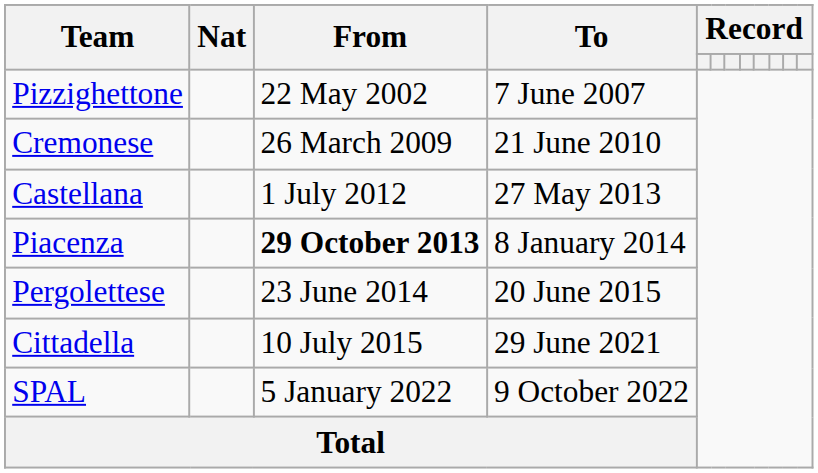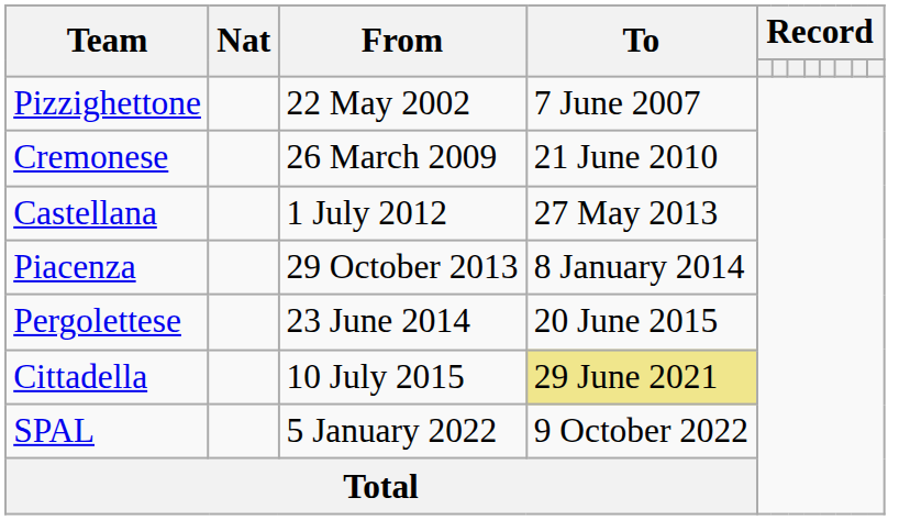 <table class="wikitable" style="text-align: center">
 <tr>
 <th rowspan=2>Team</th>
 <th rowspan=2>Nat</th>
 <th rowspan=2>From</th>
 <th rowspan=2>To</th>
 <th colspan=8>Record</th>
 </tr>
 <tr>
 <th></th>
 <th></th>
 <th></th>
 <th></th>
 <th></th>
 <th></th>
 <th></th>
 <th></th>
 </tr>
 <tr>
 <td align="left"><a href='#'>Pizzighettone</a></td>
 <td></td>
 <td align="left">22 May 2002</td>
 <td align="left">7 June 2007<br></td>
 </tr>
 <tr>
 <td align="left"><a href='#'>Cremonese</a></td>
 <td></td>
 <td align="left">26 March 2009</td>
 <td align="left">21 June 2010<br></td>
 </tr>
 <tr>
 <td align="left"><a href='#'>Castellana</a></td>
 <td></td>
 <td align="left">1 July 2012</td>
 <td align="left">27 May 2013<br></td>
 </tr>
 <tr>
 <td align="left"><a href='#'>Piacenza</a></td>
 <td></td>
-<td align="left"><strong>29 October 2013</strong></td>
+<td align="left">29 October 2013</td>
 <td align="left">8 January 2014<br></td>
 </tr>
 <tr>
 <td align="left"><a href='#'>Pergolettese</a></td>
 <td></td>
 <td align="left">23 June 2014</td>
 <td align="left">20 June 2015<br></td>
 </tr>
 <tr>
 <td align="left"><a href='#'>Cittadella</a></td>
 <td></td>
 <td align="left">10 July 2015</td>
-<td align="left">29 June 2021<br></td>
+<td align="left" style="background: khaki;">29 June 2021<br></td>
 </tr>
 <tr>
 <td align="left"><a href='#'>SPAL</a></td>
 <td></td>
 <td align="left">5 January 2022</td>
 <td align="left">9 October 2022<br></td>
 </tr>
 <tr>
 <th colspan=4>Total<br></th>
 </tr>
 </table>
